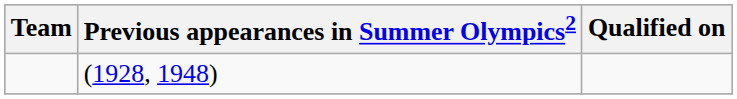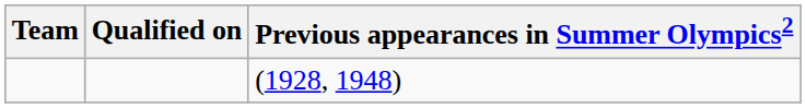 <table class="wikitable sortable">
 <tr>
 <th>Team</th>
+<th>Qualified on</th>
 <th data-sort-type="number">Previous appearances in <a href='#'>Summer Olympics</a><sup><strong><a href='#'>2</a></strong></sup></th>
-<th>Qualified on</th>
 </tr>
 <tr>
 <td></td>
+<td></td>
 <td> (<a href='#'>1928</a>, <a href='#'>1948</a>)</td>
-<td></td>
 </tr>
 </table>
